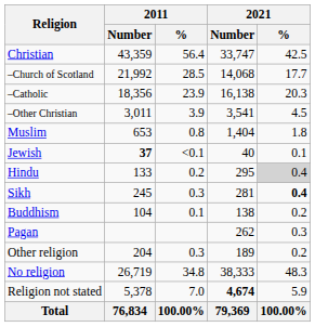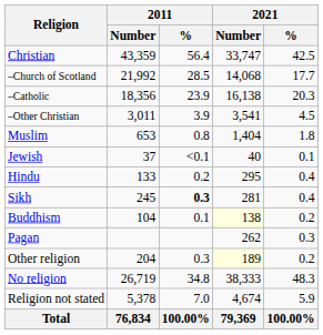 <table class="wikitable sortable" style="text-align:right">
 <tr>
 <th rowspan="2">Religion</th>
 <th colspan="2">2011</th>
 <th colspan="2">2021</th>
 </tr>
 <tr>
 <th>Number</th>
 <th>%</th>
 <th>Number</th>
 <th>%</th>
 </tr>
 <tr>
 <td style="text-align:left"><a href='#'>Christian</a></td>
 <td>43,359</td>
 <td>56.4</td>
 <td>33,747</td>
 <td>42.5</td>
 </tr>
 <tr>
 <td style="text-align:left"><small>–Church of Scotland</small></td>
 <td>21,992</td>
 <td>28.5</td>
 <td>14,068</td>
 <td>17.7</td>
 </tr>
 <tr>
 <td style="text-align:left"><small>–Catholic</small></td>
 <td>18,356</td>
 <td>23.9</td>
 <td>16,138</td>
 <td>20.3</td>
 </tr>
 <tr>
 <td style="text-align:left"><small>–Other Christian</small></td>
 <td>3,011</td>
 <td>3.9</td>
 <td>3,541</td>
 <td>4.5</td>
 </tr>
 <tr>
 <td style="text-align:left"><a href='#'>Muslim</a></td>
 <td>653</td>
 <td>0.8</td>
 <td>1,404</td>
 <td>1.8</td>
 </tr>
 <tr>
 <td style="text-align:left"><a href='#'>Jewish</a></td>
-<td><strong>37</strong></td>
+<td>37</td>
 <td><0.1</td>
 <td>40</td>
 <td>0.1</td>
 </tr>
 <tr>
 <td style="text-align:left"><a href='#'>Hindu</a></td>
 <td>133</td>
 <td>0.2</td>
 <td>295</td>
-<td style="background: lightgrey;">0.4</td>
+<td>0.4</td>
 </tr>
 <tr>
 <td style="text-align:left"><a href='#'>Sikh</a></td>
 <td>245</td>
-<td>0.3</td>
+<td><strong>0.3</strong></td>
 <td>281</td>
-<td><strong>0.4</strong></td>
+<td>0.4</td>
 </tr>
 <tr>
 <td style="text-align:left"><a href='#'>Buddhism</a></td>
 <td>104</td>
 <td>0.1</td>
-<td>138</td>
+<td style="background: lightyellow;">138</td>
 <td>0.2</td>
 </tr>
 <tr>
 <td style="text-align:left"><a href='#'>Pagan</a></td>
 <td></td>
 <td></td>
 <td>262</td>
 <td>0.3</td>
 </tr>
 <tr>
 <td style="text-align:left">Other religion</td>
 <td>204</td>
 <td>0.3</td>
-<td>189</td>
+<td style="background: lightyellow;">189</td>
 <td>0.2</td>
 </tr>
 <tr>
 <td style="text-align:left"><a href='#'>No religion</a></td>
 <td>26,719</td>
 <td>34.8</td>
 <td>38,333</td>
 <td>48.3</td>
 </tr>
 <tr>
 <td style="text-align:left">Religion not stated</td>
 <td>5,378</td>
 <td>7.0</td>
-<td><strong>4,674</strong></td>
+<td>4,674</td>
 <td>5.9</td>
 </tr>
 <tr style="font-weight:bold;">
 <th>Total</th>
 <th>76,834</th>
 <th>100.00%</th>
 <th>79,369</th>
 <th>100.00%</th>
 </tr>
 </table>
